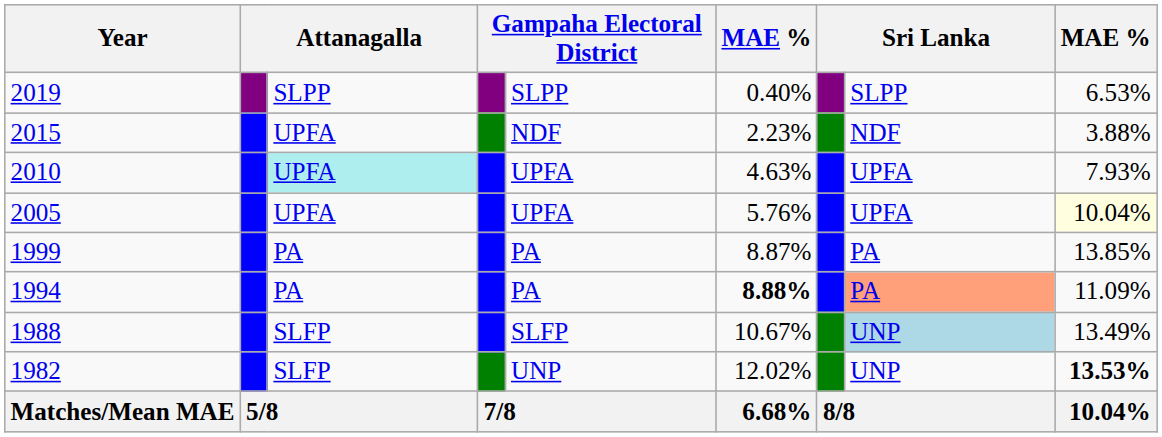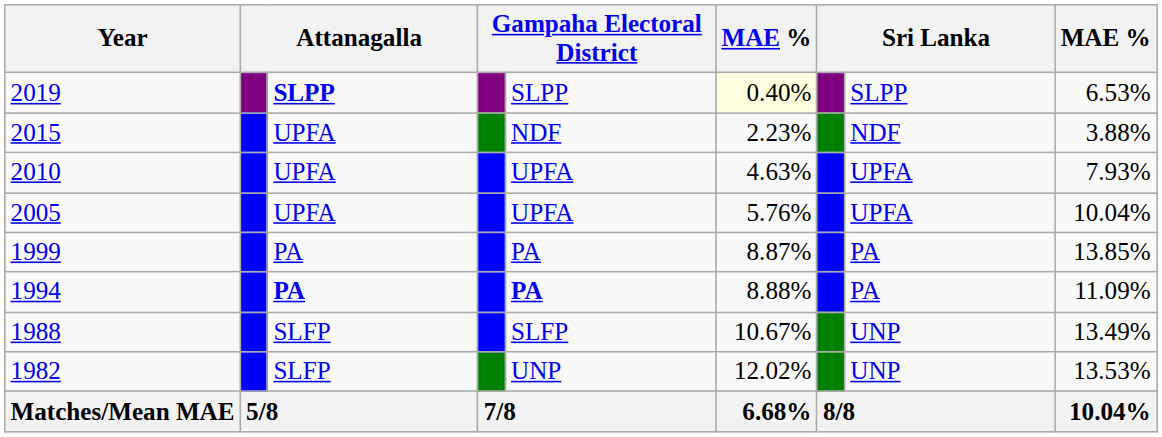 <table class="wikitable">
 <tr>
 <th>Year</th>
 <th colspan="2" width="144px">Attanagalla</th>
 <th colspan="2" width="144px"><a href='#'>Gampaha Electoral District</a></th>
 <th><a href='#'>MAE</a> %</th>
 <th colspan="2" width="144px">Sri Lanka</th>
 <th>MAE %</th>
 </tr>
 <tr>
 <td><a href='#'>2019</a></td>
 <td style="background-color:purple;" width="10px"></td>
-<td style="text-align:left;"><a href='#'>SLPP</a></td>
+<td style="text-align:left;"><strong><a href='#'>SLPP</a></strong></td>
 <td style="background-color:purple;" width="10px"></td>
 <td style="text-align:left;"><a href='#'>SLPP</a></td>
-<td style="text-align:right;">0.40%</td>
+<td style="background: lightyellow; text-align:right;">0.40%</td>
 <td style="background-color:purple;" width="10px"></td>
 <td style="text-align:left;"><a href='#'>SLPP</a></td>
 <td style="text-align:right;">6.53%</td>
 </tr>
 <tr>
 <td><a href='#'>2015</a></td>
 <td style="background-color:blue;" width="10px"></td>
 <td style="text-align:left;"><a href='#'>UPFA</a></td>
 <td style="background-color:green;" width="10px"></td>
 <td style="text-align:left;"><a href='#'>NDF</a></td>
 <td style="text-align:right;">2.23%</td>
 <td style="background-color:green;" width="10px"></td>
 <td style="text-align:left;"><a href='#'>NDF</a></td>
 <td style="text-align:right;">3.88%</td>
 </tr>
 <tr>
 <td><a href='#'>2010</a></td>
 <td style="background-color:blue;" width="10px"></td>
-<td style="background: paleturquoise; text-align:left;"><a href='#'>UPFA</a></td>
+<td style="text-align:left;"><a href='#'>UPFA</a></td>
 <td style="background-color:blue;" width="10px"></td>
 <td style="text-align:left;"><a href='#'>UPFA</a></td>
 <td style="text-align:right;">4.63%</td>
 <td style="background-color:blue;" width="10px"></td>
 <td style="text-align:left;"><a href='#'>UPFA</a></td>
 <td style="text-align:right;">7.93%</td>
 </tr>
 <tr>
 <td><a href='#'>2005</a></td>
 <td style="background-color:blue;" width="10px"></td>
 <td style="text-align:left;"><a href='#'>UPFA</a></td>
 <td style="background-color:blue;" width="10px"></td>
 <td style="text-align:left;"><a href='#'>UPFA</a></td>
 <td style="text-align:right;">5.76%</td>
 <td style="background-color:blue;" width="10px"></td>
 <td style="text-align:left;"><a href='#'>UPFA</a></td>
-<td style="background: lightyellow; text-align:right;">10.04%</td>
+<td style="text-align:right;">10.04%</td>
 </tr>
 <tr>
 <td><a href='#'>1999</a></td>
 <td style="background-color:blue;" width="10px"></td>
 <td style="text-align:left;"><a href='#'>PA</a></td>
 <td style="background-color:blue;" width="10px"></td>
 <td style="text-align:left;"><a href='#'>PA</a></td>
 <td style="text-align:right;">8.87%</td>
 <td style="background-color:blue;" width="10px"></td>
 <td style="text-align:left;"><a href='#'>PA</a></td>
 <td style="text-align:right;">13.85%</td>
 </tr>
 <tr>
 <td><a href='#'>1994</a></td>
 <td style="background-color:blue;" width="10px"></td>
-<td style="text-align:left;"><a href='#'>PA</a></td>
+<td style="text-align:left;"><strong><a href='#'>PA</a></strong></td>
+<td style="background-color:blue;" width="10px"></td>
+<td style="text-align:left;"><strong><a href='#'>PA</a></strong></td>
+<td style="text-align:right;">8.88%</td>
 <td style="background-color:blue;" width="10px"></td>
 <td style="text-align:left;"><a href='#'>PA</a></td>
-<td style="text-align:right;"><strong>8.88%</strong></td>
-<td style="background-color:blue;" width="10px"></td>
-<td style="background: lightsalmon; text-align:left;"><a href='#'>PA</a></td>
 <td style="text-align:right;">11.09%</td>
 </tr>
 <tr>
 <td><a href='#'>1988</a></td>
 <td style="background-color:blue;" width="10px"></td>
 <td style="text-align:left;"><a href='#'>SLFP</a></td>
 <td style="background-color:blue;" width="10px"></td>
 <td style="text-align:left;"><a href='#'>SLFP</a></td>
 <td style="text-align:right;">10.67%</td>
 <td style="background-color:green;" width="10px"></td>
-<td style="background: lightblue; text-align:left;"><a href='#'>UNP</a></td>
+<td style="text-align:left;"><a href='#'>UNP</a></td>
 <td style="text-align:right;">13.49%</td>
 </tr>
 <tr>
 <td><a href='#'>1982</a></td>
 <td style="background-color:blue;" width="10px"></td>
 <td style="text-align:left;"><a href='#'>SLFP</a></td>
 <td style="background-color:green;" width="10px"></td>
 <td style="text-align:left;"><a href='#'>UNP</a></td>
 <td style="text-align:right;">12.02%</td>
 <td style="background-color:green;" width="10px"></td>
 <td style="text-align:left;"><a href='#'>UNP</a></td>
-<td style="text-align:right;"><strong>13.53%</strong></td>
+<td style="text-align:right;">13.53%</td>
 </tr>
 <tr>
 <th>Matches/Mean MAE</th>
 <th style="text-align:left;"colspan="2" width="144px">5/8</th>
 <th style="text-align:left;"colspan="2" width="144px">7/8</th>
 <th style="text-align:right;">6.68%</th>
 <th style="text-align:left;"colspan="2" width="144px">8/8</th>
 <th style="text-align:right;">10.04%</th>
 </tr>
 </table>
